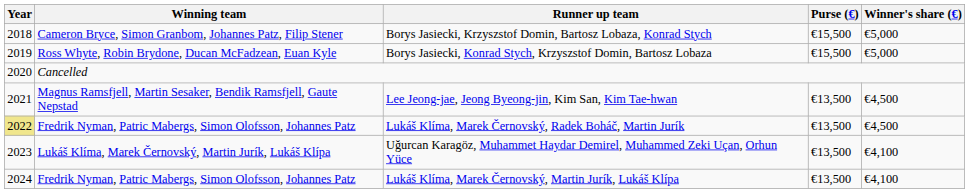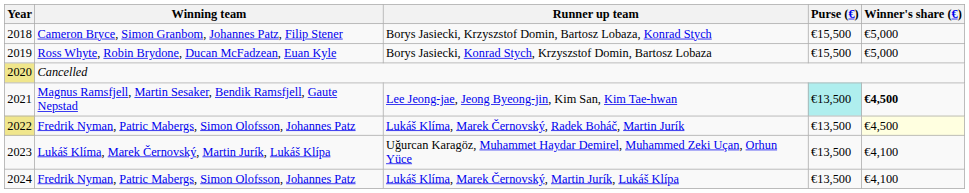 <table class="wikitable">
 <tr>
 <th scope="col">Year</th>
 <th scope="col">Winning team</th>
 <th scope="col">Runner up team</th>
 <th scope="col">Purse (<a href='#'>€</a>)</th>
 <th scope="col">Winner's share (<a href='#'>€</a>)</th>
 </tr>
 <tr>
 <td>2018</td>
 <td> <a href='#'>Cameron Bryce</a>, <a href='#'>Simon Granbom</a>, <a href='#'>Johannes Patz</a>, <a href='#'>Filip Stener</a></td>
 <td> Borys Jasiecki, Krzyszstof Domin, Bartosz Lobaza, <a href='#'>Konrad Stych</a></td>
 <td>€15,500</td>
 <td>€5,000</td>
 </tr>
 <tr>
 <td>2019</td>
 <td> <a href='#'>Ross Whyte</a>, <a href='#'>Robin Brydone</a>, <a href='#'>Ducan McFadzean</a>, <a href='#'>Euan Kyle</a></td>
 <td> Borys Jasiecki, <a href='#'>Konrad Stych</a>, Krzyszstof Domin, Bartosz Lobaza</td>
 <td>€15,500</td>
 <td>€5,000</td>
 </tr>
 <tr>
-<td>2020</td>
+<td style="background: khaki;">2020</td>
 <td colspan="4"><em>Cancelled</em></td>
 </tr>
 <tr>
 <td>2021</td>
 <td> <a href='#'>Magnus Ramsfjell</a>, <a href='#'>Martin Sesaker</a>, <a href='#'>Bendik Ramsfjell</a>, <a href='#'>Gaute Nepstad</a></td>
 <td> <a href='#'>Lee Jeong-jae</a>, <a href='#'>Jeong Byeong-jin</a>, Kim San, <a href='#'>Kim Tae-hwan</a></td>
-<td>€13,500</td>
-<td>€4,500</td>
+<td style="background: paleturquoise;">€13,500</td>
+<td><strong>€4,500</strong></td>
 </tr>
 <tr>
 <td style="background: khaki;">2022</td>
 <td> <a href='#'>Fredrik Nyman</a>, <a href='#'>Patric Mabergs</a>, <a href='#'>Simon Olofsson</a>, <a href='#'>Johannes Patz</a></td>
 <td> <a href='#'>Lukáš Klíma</a>, <a href='#'>Marek Černovský</a>, <a href='#'>Radek Boháč</a>, <a href='#'>Martin Jurík</a></td>
 <td>€13,500</td>
-<td>€4,500</td>
+<td style="background: lightyellow;">€4,500</td>
 </tr>
 <tr>
 <td>2023</td>
 <td> <a href='#'>Lukáš Klíma</a>, <a href='#'>Marek Černovský</a>, <a href='#'>Martin Jurík</a>, <a href='#'>Lukáš Klípa</a></td>
 <td> Uğurcan Karagöz, <a href='#'>Muhammet Haydar Demirel</a>, <a href='#'>Muhammed Zeki Uçan</a>, <a href='#'>Orhun Yüce</a></td>
 <td>€13,500</td>
 <td>€4,100</td>
 </tr>
 <tr>
 <td>2024</td>
 <td> <a href='#'>Fredrik Nyman</a>, <a href='#'>Patric Mabergs</a>, <a href='#'>Simon Olofsson</a>, <a href='#'>Johannes Patz</a></td>
 <td> <a href='#'>Lukáš Klíma</a>, <a href='#'>Marek Černovský</a>, <a href='#'>Martin Jurík</a>, <a href='#'>Lukáš Klípa</a></td>
 <td>€13,500</td>
 <td>€4,100</td>
 </tr>
 </table>
